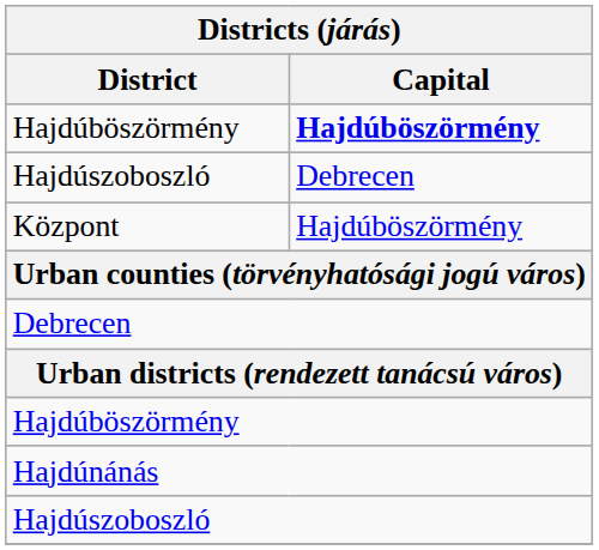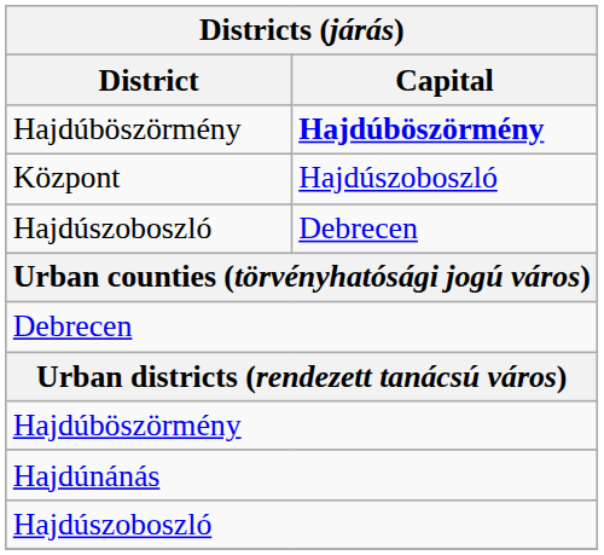 <table class="wikitable">
 <tr>
 <th colspan=2>Districts (<em>járás</em>)</th>
 </tr>
 <tr>
 <th>District</th>
 <th>Capital</th>
 </tr>
 <tr>
 <td>Hajdúböszörmény</td>
 <td><strong><a href='#'>Hajdúböszörmény</a></strong></td>
 </tr>
 <tr>
+<td>Központ</td>
+<td><a href='#'>Hajdúszoboszló</a></td>
+</tr>
+<tr>
 <td>Hajdúszoboszló</td>
 <td><a href='#'>Debrecen</a></td>
-</tr>
-<tr>
-<td>Központ</td>
-<td><a href='#'>Hajdúböszörmény</a></td>
 </tr>
 <tr>
 <th colspan=2>Urban counties (<em>törvényhatósági jogú város</em>)</th>
 </tr>
 <tr>
 <td colspan=2><a href='#'>Debrecen</a></td>
 </tr>
 <tr>
 <th colspan=2>Urban districts (<em>rendezett tanácsú város</em>)</th>
 </tr>
 <tr>
 <td colspan=2><a href='#'>Hajdúböszörmény</a></td>
 </tr>
 <tr>
 <td colspan=2><a href='#'>Hajdúnánás</a></td>
 </tr>
 <tr>
 <td colspan=2><a href='#'>Hajdúszoboszló</a></td>
 </tr>
 <tr>
 </tr>
 </table>
